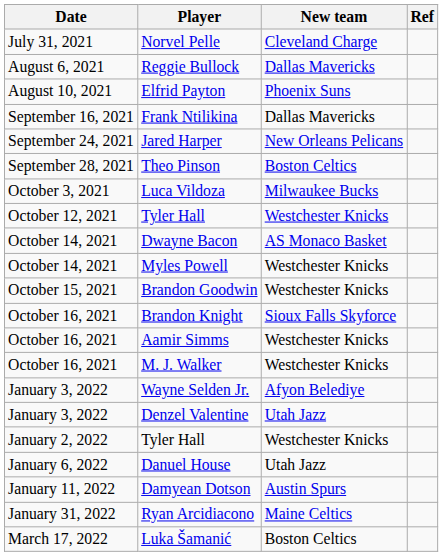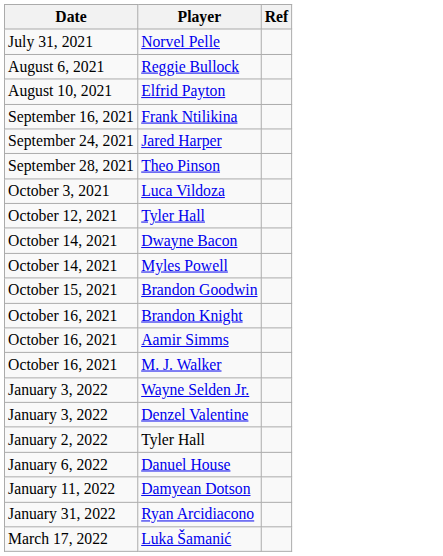 <table class="wikitable" style="text-align:left;">
 <tr>
 <th>Date</th>
 <th>Player</th>
-<th>New team</th>
 <th>Ref</th>
 </tr>
 <tr>
 <td>July 31, 2021</td>
 <td><a href='#'>Norvel Pelle</a></td>
-<td><a href='#'>Cleveland Charge</a></td>
 <td></td>
 </tr>
 <tr>
 <td>August 6, 2021</td>
 <td><a href='#'>Reggie Bullock</a></td>
-<td><a href='#'>Dallas Mavericks</a></td>
 <td></td>
 </tr>
 <tr>
 <td>August 10, 2021</td>
 <td><a href='#'>Elfrid Payton</a></td>
-<td><a href='#'>Phoenix Suns</a></td>
 <td></td>
 </tr>
 <tr>
 <td>September 16, 2021</td>
 <td><a href='#'>Frank Ntilikina</a></td>
-<td>Dallas Mavericks</td>
 <td></td>
 </tr>
 <tr>
 <td>September 24, 2021</td>
 <td><a href='#'>Jared Harper</a></td>
-<td><a href='#'>New Orleans Pelicans</a></td>
 <td></td>
 </tr>
 <tr>
 <td>September 28, 2021</td>
 <td><a href='#'>Theo Pinson</a></td>
-<td><a href='#'>Boston Celtics</a></td>
 <td></td>
 </tr>
 <tr>
 <td>October 3, 2021</td>
 <td><a href='#'>Luca Vildoza</a></td>
-<td><a href='#'>Milwaukee Bucks</a></td>
 <td></td>
 </tr>
 <tr>
 <td>October 12, 2021</td>
 <td><a href='#'>Tyler Hall</a></td>
-<td><a href='#'>Westchester Knicks</a></td>
 <td></td>
 </tr>
 <tr>
 <td>October 14, 2021</td>
 <td><a href='#'>Dwayne Bacon</a></td>
-<td><a href='#'>AS Monaco Basket</a></td>
 <td></td>
 </tr>
 <tr>
 <td>October 14, 2021</td>
 <td><a href='#'>Myles Powell</a></td>
-<td>Westchester Knicks</td>
 <td></td>
 </tr>
 <tr>
 <td>October 15, 2021</td>
 <td><a href='#'>Brandon Goodwin</a></td>
-<td>Westchester Knicks</td>
 <td></td>
 </tr>
 <tr>
 <td>October 16, 2021</td>
 <td><a href='#'>Brandon Knight</a></td>
-<td><a href='#'>Sioux Falls Skyforce</a></td>
 <td></td>
 </tr>
 <tr>
 <td>October 16, 2021</td>
 <td><a href='#'>Aamir Simms</a></td>
-<td>Westchester Knicks</td>
 <td></td>
 </tr>
 <tr>
 <td>October 16, 2021</td>
 <td><a href='#'>M. J. Walker</a></td>
-<td>Westchester Knicks</td>
 <td></td>
 </tr>
 <tr>
 <td>January 3, 2022</td>
 <td><a href='#'>Wayne Selden Jr.</a></td>
-<td><a href='#'>Afyon Belediye</a></td>
 <td></td>
 </tr>
 <tr>
 <td>January 3, 2022</td>
 <td><a href='#'>Denzel Valentine</a></td>
-<td><a href='#'>Utah Jazz</a></td>
 <td></td>
 </tr>
 <tr>
 <td>January 2, 2022</td>
 <td>Tyler Hall</td>
-<td>Westchester Knicks</td>
 <td></td>
 </tr>
 <tr>
 <td>January 6, 2022</td>
 <td><a href='#'>Danuel House</a></td>
-<td>Utah Jazz</td>
 <td></td>
 </tr>
 <tr>
 <td>January 11, 2022</td>
 <td><a href='#'>Damyean Dotson</a></td>
-<td><a href='#'>Austin Spurs</a></td>
 <td></td>
 </tr>
 <tr>
 <td>January 31, 2022</td>
 <td><a href='#'>Ryan Arcidiacono</a></td>
-<td><a href='#'>Maine Celtics</a></td>
 <td></td>
 </tr>
 <tr>
 <td>March 17, 2022</td>
 <td><a href='#'>Luka Šamanić</a></td>
-<td>Boston Celtics</td>
 <td></td>
 </tr>
 </table>
